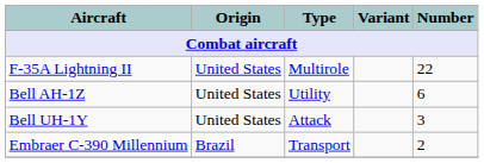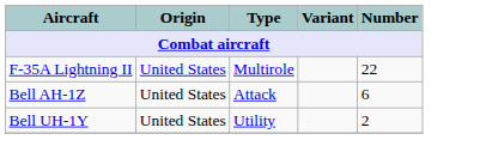 <table class="wikitable">
 <tr>
 <th style="text-align:center; background:#acc;">Aircraft</th>
 <th style="text-align: center; background:#acc;">Origin</th>
 <th style="text-align:l center; background:#acc;">Type</th>
 <th style="text-align:left; background:#acc;">Variant</th>
 <th style="text-align:center; background:#acc;">Number</th>
 </tr>
 <tr>
 <th colspan="5" style="align: center; background: lavender;"><a href='#'>Combat aircraft</a></th>
 </tr>
 <tr>
 <td><a href='#'>F-35A Lightning II</a></td>
 <td><a href='#'>United States</a></td>
 <td><a href='#'>Multirole</a></td>
 <td></td>
 <td>22</td>
 </tr>
 <tr>
 <td><a href='#'>Bell AH-1Z</a></td>
 <td>United States</td>
-<td><a href='#'>Utility</a></td>
+<td><a href='#'>Attack</a></td>
 <td></td>
 <td>6</td>
 </tr>
 <tr>
 <td><a href='#'>Bell UH-1Y</a></td>
 <td>United States</td>
-<td><a href='#'>Attack</a></td>
-<td></td>
-<td>3</td>
-</tr>
-<tr>
-<td><a href='#'>Embraer C-390 Millennium</a></td>
-<td><a href='#'>Brazil</a></td>
-<td><a href='#'>Transport</a></td>
+<td><a href='#'>Utility</a></td>
 <td></td>
 <td>2</td>
 </tr>
 <tr>
 </tr>
 </table>
